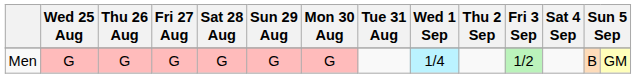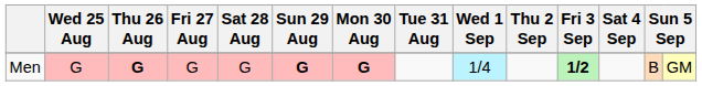 <table class="wikitable" style="margin:0.5em auto; font-size:90%; line-height:1.25em;">
 <tr>
 <th></th>
 <th>Wed 25<br>Aug</th>
 <th>Thu 26<br>Aug</th>
 <th>Fri 27<br>Aug</th>
 <th>Sat 28<br>Aug</th>
 <th>Sun 29<br>Aug</th>
 <th>Mon 30<br>Aug</th>
 <th>Tue 31<br>Aug</th>
 <th>Wed 1<br>Sep</th>
 <th>Thu 2<br>Sep</th>
 <th>Fri 3<br>Sep</th>
 <th>Sat 4<br>Sep</th>
 <th colspan="2">Sun 5<br>Sep</th>
 </tr>
 <tr>
 </tr>
 <tr align="center">
 <td align="left">Men</td>
 <td bgcolor="#FFBBBB">G</td>
+<td bgcolor="#FFBBBB"><strong>G</strong></td>
 <td bgcolor="#FFBBBB">G</td>
 <td bgcolor="#FFBBBB">G</td>
-<td bgcolor="#FFBBBB">G</td>
-<td bgcolor="#FFBBBB">G</td>
-<td bgcolor="#FFBBBB">G</td>
+<td bgcolor="#FFBBBB"><strong>G</strong></td>
+<td bgcolor="#FFBBBB"><strong>G</strong></td>
 <td></td>
 <td bgcolor="#BBF3FF">1/4</td>
 <td></td>
-<td bgcolor="#BBF3BB">1/2</td>
+<td bgcolor="#BBF3BB"><strong>1/2</strong></td>
 <td></td>
 <td bgcolor="#FEDCBA">B</td>
 <td bgcolor="#FFFFBB">GM</td>
 </tr>
 </table>
